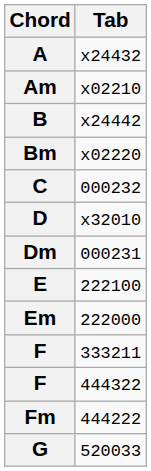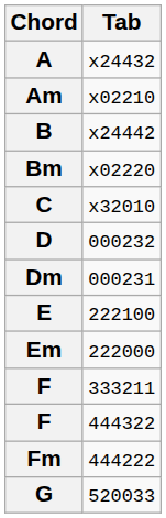 <table class="wikitable">
 <tr>
 <th>Chord</th>
 <th>Tab</th>
 </tr>
 <tr>
 <th>A</th>
 <td><code>x24432</code></td>
 </tr>
 <tr>
 <th>Am</th>
 <td><code>x02210</code></td>
 </tr>
 <tr>
 <th>B</th>
 <td><code>x24442</code></td>
 </tr>
 <tr>
 <th>Bm</th>
 <td><code>x02220</code></td>
 </tr>
 <tr>
 <th>C</th>
-<td><code>000232</code></td>
+<td><code>x32010</code></td>
 </tr>
 <tr>
 <th>D</th>
-<td><code>x32010</code></td>
+<td><code>000232</code></td>
 </tr>
 <tr>
 <th>Dm</th>
 <td><code>000231</code></td>
 </tr>
 <tr>
 <th>E</th>
 <td><code>222100</code></td>
 </tr>
 <tr>
 <th>Em</th>
 <td><code>222000</code></td>
 </tr>
 <tr>
 <th>F</th>
 <td><code>333211</code></td>
 </tr>
 <tr>
 <th>F</th>
 <td><code>444322</code></td>
 </tr>
 <tr>
 <th>Fm</th>
 <td><code>444222</code></td>
 </tr>
 <tr>
 <th>G</th>
 <td><code>520033</code></td>
 </tr>
 </table>
